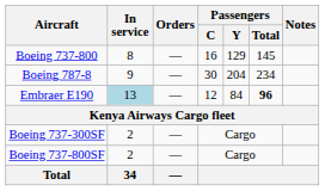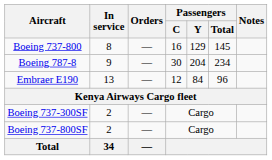 <table class="wikitable" style="border-collapse:collapse; text-align:center; margin:auto;">
 <tr>
 <th rowspan="2">Aircraft</th>
 <th rowspan="2" style="width:50px;">In service</th>
 <th rowspan="2" style="width:50px;">Orders</th>
 <th colspan="3">Passengers</th>
 <th rowspan="2">Notes</th>
 </tr>
 <tr>
 <th style="width:25px;"><abbr>C</abbr></th>
 <th style="width:25px;"><abbr>Y</abbr></th>
 <th style="width:25px;">Total</th>
 </tr>
 <tr>
 <td><a href='#'>Boeing 737-800</a></td>
 <td>8</td>
 <td>—</td>
 <td>16</td>
 <td>129</td>
 <td>145</td>
 <td></td>
 </tr>
 <tr>
 <td><a href='#'>Boeing 787-8</a></td>
 <td>9</td>
 <td>—</td>
 <td>30</td>
 <td>204</td>
 <td>234</td>
 <td></td>
 </tr>
 <tr>
 <td><a href='#'>Embraer E190</a></td>
-<td style="background: lightblue;">13</td>
+<td>13</td>
 <td>—</td>
 <td>12</td>
 <td>84</td>
-<td><strong>96</strong></td>
+<td>96</td>
 <td></td>
 </tr>
 <tr>
 <th colspan="7">Kenya Airways Cargo fleet</th>
 </tr>
 <tr>
 <td><a href='#'>Boeing 737-300SF</a></td>
 <td>2</td>
 <td>—</td>
 <td colspan="3"><abbr>Cargo</abbr></td>
 <td></td>
 </tr>
 <tr>
 <td><a href='#'>Boeing 737-800SF</a></td>
 <td>2</td>
 <td>—</td>
 <td colspan="3"><abbr>Cargo</abbr></td>
 <td></td>
 </tr>
 <tr>
 <th>Total</th>
 <th>34</th>
 <th>—</th>
 <th colspan="4"></th>
 </tr>
 </table>
